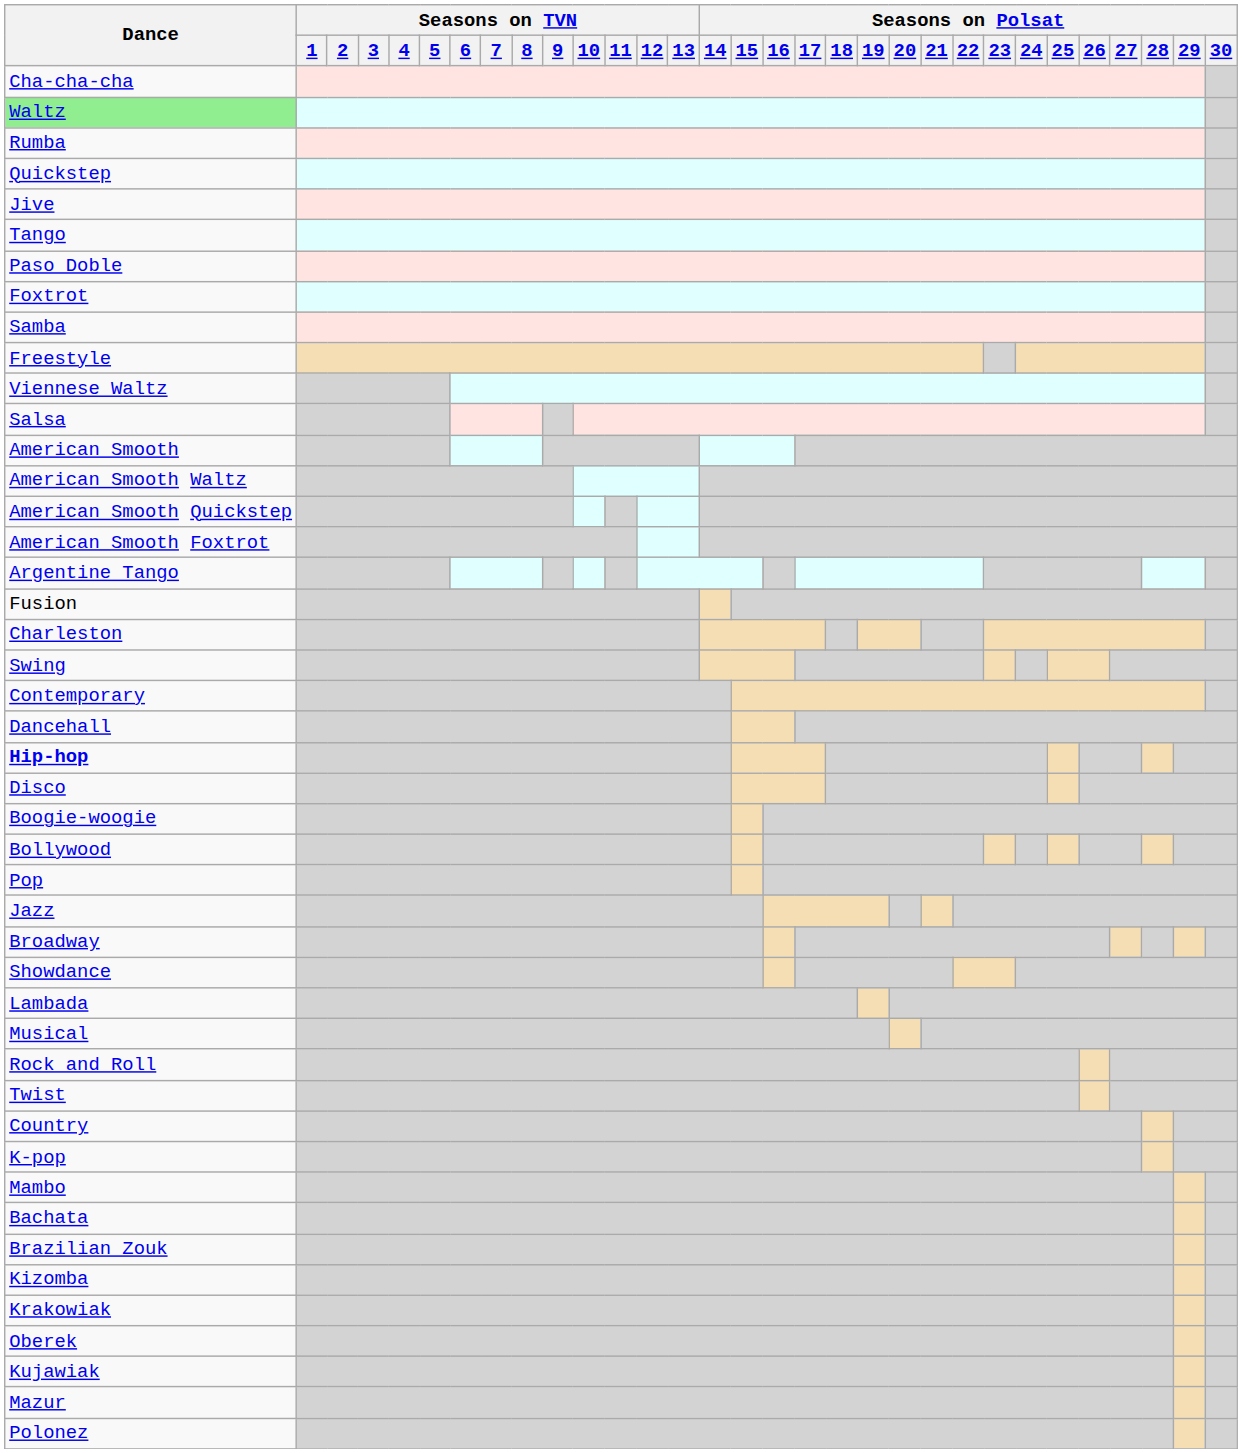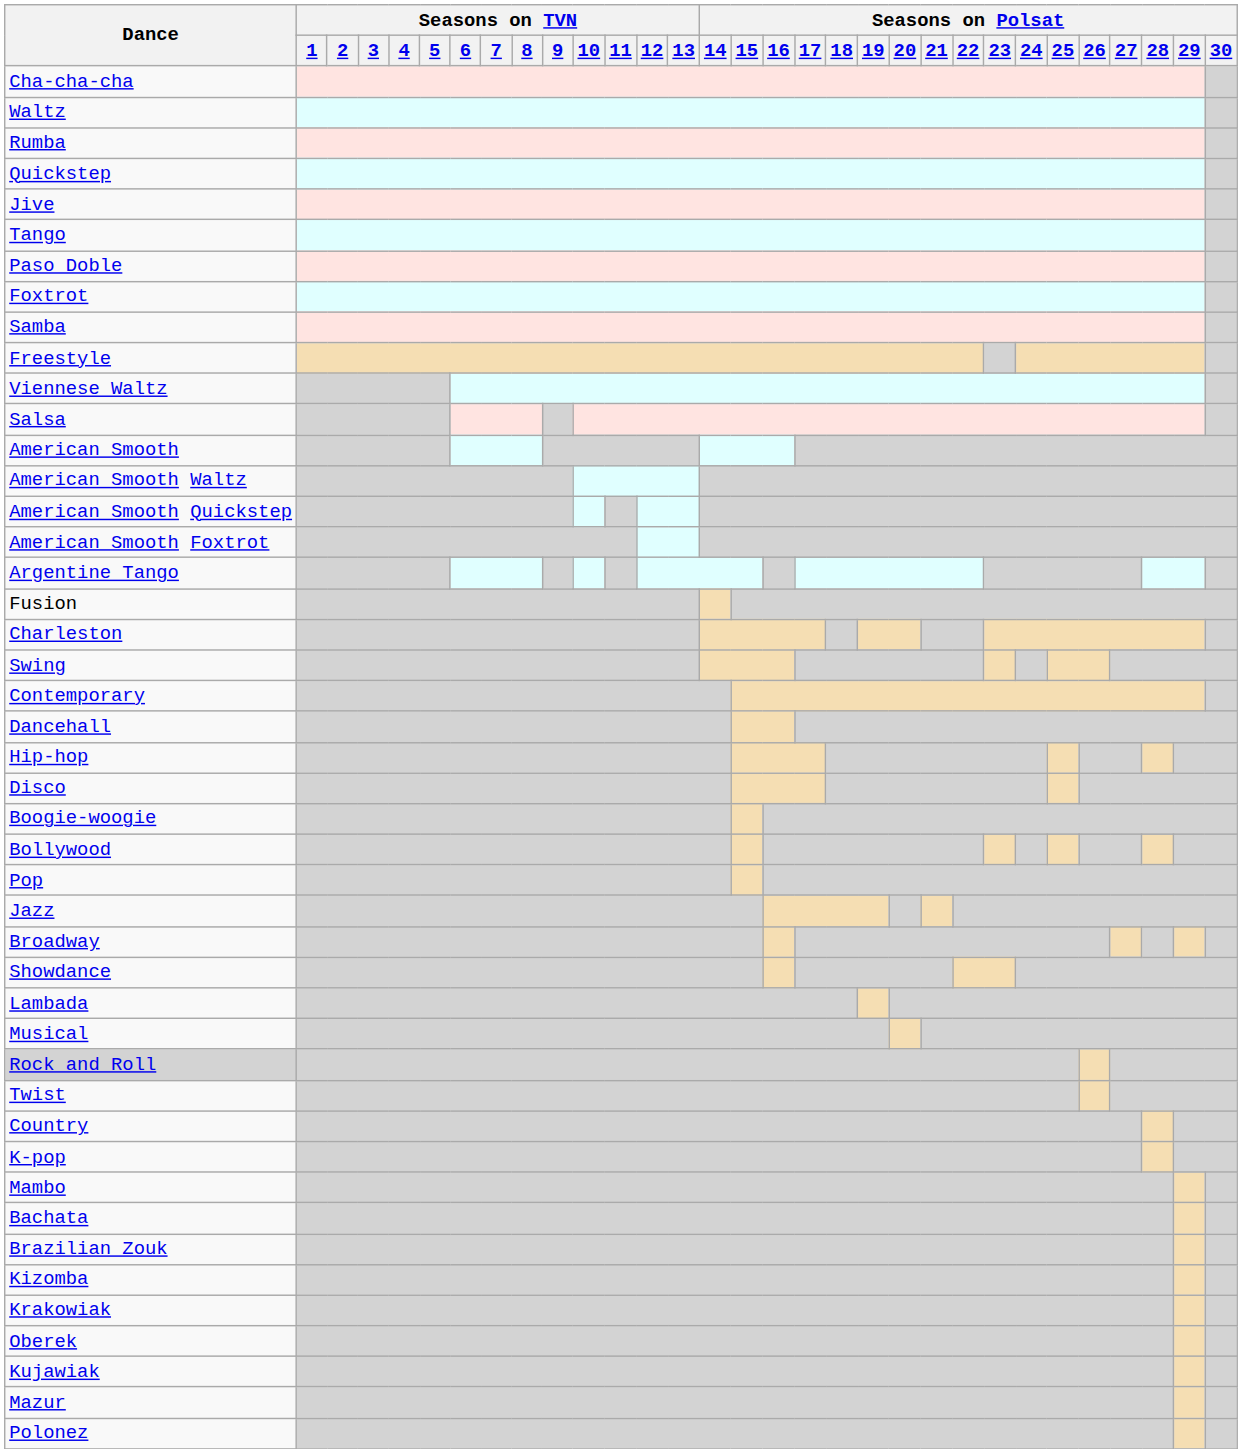 <table class="wikitable" style="margin:left; font-size:100%">
 <tr>
 <th rowspan="2">Dance</th>
 <th colspan="13">Seasons on <a href='#'>TVN</a></th>
 <th colspan="17">Seasons on <a href='#'>Polsat</a></th>
 </tr>
 <tr>
 <th width="15"><a href='#'>1</a></th>
 <th width="15"><a href='#'>2</a></th>
 <th width="15"><a href='#'>3</a></th>
 <th width="15"><a href='#'>4</a></th>
 <th width="15"><a href='#'>5</a></th>
 <th width="15"><a href='#'>6</a></th>
 <th width="15"><a href='#'>7</a></th>
 <th width="15"><a href='#'>8</a></th>
 <th width="15"><a href='#'>9</a></th>
 <th width="15"><a href='#'>10</a></th>
 <th width="15"><a href='#'>11</a></th>
 <th width="15"><a href='#'>12</a></th>
 <th width="15"><a href='#'>13</a></th>
 <th width="15"><a href='#'>14</a></th>
 <th width="15"><a href='#'>15</a></th>
 <th width="15"><a href='#'>16</a></th>
 <th width="15"><a href='#'>17</a></th>
 <th width="15"><a href='#'>18</a></th>
 <th width="15"><a href='#'>19</a></th>
 <th width="15"><a href='#'>20</a></th>
 <th width="15"><a href='#'>21</a></th>
 <th width="15"><a href='#'>22</a></th>
 <th width="15"><a href='#'>23</a></th>
 <th width="15"><a href='#'>24</a></th>
 <th width="15"><a href='#'>25</a></th>
 <th width="15"><a href='#'>26</a></th>
 <th width="15"><a href='#'>27</a></th>
 <th width="15"><a href='#'>28</a></th>
 <th width="15"><a href='#'>29</a></th>
 <th width="15"><a href='#'>30</a></th>
 </tr>
 <tr>
 <td><a href='#'>Cha-cha-cha</a></td>
 <td colspan="29" style="background:#FFE4E1;"></td>
 <td colspan="1" style="background:lightgrey;"></td>
 </tr>
 <tr>
-<td style="background: lightgreen;"><a href='#'>Waltz</a></td>
+<td><a href='#'>Waltz</a></td>
 <td colspan="29" style="background:#E0FFFF;"></td>
 <td colspan="1" style="background:lightgrey;"></td>
 </tr>
 <tr>
 <td><a href='#'>Rumba</a></td>
 <td colspan="29" style="background:#FFE4E1;"></td>
 <td colspan="1" style="background:lightgrey;"></td>
 </tr>
 <tr>
 <td><a href='#'>Quickstep</a></td>
 <td colspan="29" style="background:#E0FFFF;"></td>
 <td colspan="1" style="background:lightgrey;"></td>
 </tr>
 <tr>
 <td><a href='#'>Jive</a></td>
 <td colspan="29" style="background:#FFE4E1;"></td>
 <td colspan="1" style="background:lightgrey;"></td>
 </tr>
 <tr>
 <td><a href='#'>Tango</a></td>
 <td colspan="29" style="background:#E0FFFF;"></td>
 <td colspan="1" style="background:lightgrey;"></td>
 </tr>
 <tr>
 <td><a href='#'>Paso Doble</a></td>
 <td colspan="29" style="background:#FFE4E1;"></td>
 <td colspan="1" style="background:lightgrey;"></td>
 </tr>
 <tr>
 <td><a href='#'>Foxtrot</a></td>
 <td colspan="29" style="background:#E0FFFF;"></td>
 <td colspan="1" style="background:lightgrey;"></td>
 </tr>
 <tr>
 <td><a href='#'>Samba</a></td>
 <td colspan="29" style="background:#FFE4E1;"></td>
 <td colspan="1" style="background:lightgrey;"></td>
 </tr>
 <tr>
 <td><a href='#'>Freestyle</a></td>
 <td colspan="22" style="background:#F5DEB3;"></td>
 <td colspan="1" style="background:lightgrey;"></td>
 <td colspan="6" style="background:#F5DEB3;"></td>
 <td colspan="1" style="background:lightgrey;"></td>
 </tr>
 <tr>
 <td><a href='#'>Viennese Waltz</a></td>
 <td colspan="5" style="background:lightgrey;"></td>
 <td colspan="24" style="background:#E0FFFF;"></td>
 <td colspan="1" style="background:lightgrey;"></td>
 </tr>
 <tr>
 <td><a href='#'>Salsa</a></td>
 <td colspan="5" style="background:lightgrey;"></td>
 <td colspan="3" style="background:#FFE4E1;"></td>
 <td colspan="1" style="background:lightgrey;"></td>
 <td colspan="20" style="background:#FFE4E1;"></td>
 <td colspan="1" style="background:lightgrey;"></td>
 </tr>
 <tr>
 <td><a href='#'>American Smooth</a></td>
 <td colspan="5" style="background:lightgrey;"></td>
 <td colspan="3" style="background:#E0FFFF;"></td>
 <td colspan="5" style="background:lightgrey;"></td>
 <td colspan="3" style="background:#E0FFFF;"></td>
 <td colspan="14" style="background:lightgrey;"></td>
 </tr>
 <tr>
 <td><a href='#'>American Smooth</a> <a href='#'>Waltz</a></td>
 <td colspan="9" style="background:lightgrey;"></td>
 <td colspan="4" style="background:#E0FFFF;"></td>
 <td colspan="17" style="background:lightgrey;"></td>
 </tr>
 <tr>
 <td><a href='#'>American Smooth</a> <a href='#'>Quickstep</a></td>
 <td colspan="9" style="background:lightgrey;"></td>
 <td colspan="1" style="background:#E0FFFF;"></td>
 <td colspan="1" style="background:lightgrey;"></td>
 <td colspan="2" style="background:#E0FFFF;"></td>
 <td colspan="17" style="background:lightgrey;"></td>
 </tr>
 <tr>
 <td><a href='#'>American Smooth</a> <a href='#'>Foxtrot</a></td>
 <td colspan="11" style="background:lightgrey;"></td>
 <td colspan="2" style="background:#E0FFFF;"></td>
 <td colspan="17" style="background:lightgrey;"></td>
 </tr>
 <tr>
 <td><a href='#'>Argentine Tango</a></td>
 <td colspan="5" style="background:lightgrey;"></td>
 <td colspan="3" style="background:#E0FFFF;"></td>
 <td colspan="1" style="background:lightgrey;"></td>
 <td colspan="1" style="background:#E0FFFF;"></td>
 <td colspan="1" style="background:lightgrey;"></td>
 <td colspan="4" style="background:#E0FFFF;"></td>
 <td colspan="1" style="background:lightgrey;"></td>
 <td colspan="6" style="background:#E0FFFF;"></td>
 <td colspan="5" style="background:lightgrey;"></td>
 <td colspan="2" style="background:#E0FFFF;"></td>
 <td colspan="1" style="background:lightgrey;"></td>
 </tr>
 <tr>
 <td>Fusion</td>
 <td colspan="13" style="background:lightgrey;"></td>
 <td colspan="1" style="background:#F5DEB3;"></td>
 <td colspan="16" style="background:lightgrey;"></td>
 </tr>
 <tr>
 <td><a href='#'>Charleston</a></td>
 <td colspan="13" style="background:lightgrey;"></td>
 <td colspan="4" style="background:#F5DEB3;"></td>
 <td colspan="1" style="background:lightgrey;"></td>
 <td colspan="2" style="background:#F5DEB3;"></td>
 <td colspan="2" style="background:lightgrey;"></td>
 <td colspan="7" style="background:#F5DEB3;"></td>
 <td colspan="1" style="background:lightgrey;"></td>
 </tr>
 <tr>
 <td><a href='#'>Swing</a></td>
 <td colspan="13" style="background:lightgrey;"></td>
 <td colspan="3" style="background:#F5DEB3;"></td>
 <td colspan="6" style="background:lightgrey;"></td>
 <td colspan="1"style="background:#F5DEB3;"></td>
 <td colspan="1" style="background:lightgrey;"></td>
 <td colspan="2"style="background:#F5DEB3;"></td>
 <td colspan="4" style="background:lightgrey;"></td>
 </tr>
 <tr>
 <td><a href='#'>Contemporary</a></td>
 <td colspan="14" style="background:lightgrey;"></td>
 <td colspan="15" style="background:#F5DEB3;"></td>
 <td colspan="1" style="background:lightgrey;"></td>
 </tr>
 <tr>
 <td><a href='#'>Dancehall</a></td>
 <td colspan="14" style="background:lightgrey;"></td>
 <td colspan="2" style="background:#F5DEB3;"></td>
 <td colspan="14" style="background:lightgrey;"></td>
 </tr>
 <tr>
-<td><strong><a href='#'>Hip-hop</a></strong></td>
+<td><a href='#'>Hip-hop</a></td>
 <td colspan="14" style="background:lightgrey;"></td>
 <td colspan="3" style="background:#F5DEB3;"></td>
 <td colspan="7" style="background:lightgrey;"></td>
 <td colspan="1" style="background:#F5DEB3;"></td>
 <td colspan="2" style="background:lightgrey;"></td>
 <td colspan="1" style="background:#F5DEB3;"></td>
 <td colspan="2" style="background:lightgrey;"></td>
 </tr>
 <tr>
 <td><a href='#'>Disco</a></td>
 <td colspan="14" style="background:lightgrey;"></td>
 <td colspan="3" style="background:#F5DEB3;"></td>
 <td colspan="7" style="background:lightgrey;"></td>
 <td colspan="1" style="background:#F5DEB3;"></td>
 <td colspan="5" style="background:lightgrey;"></td>
 </tr>
 <tr>
 <td><a href='#'>Boogie-woogie</a></td>
 <td colspan="14" style="background:lightgrey;"></td>
 <td colspan="1" style="background:#F5DEB3;"></td>
 <td colspan="15" style="background:lightgrey;"></td>
 </tr>
 <tr>
 <td><a href='#'>Bollywood</a></td>
 <td colspan="14" style="background:lightgrey;"></td>
 <td colspan="1" style="background:#F5DEB3;"></td>
 <td colspan="7" style="background:lightgrey;"></td>
 <td colspan="1" style="background:#F5DEB3;"></td>
 <td colspan="1" style="background:lightgrey;"></td>
 <td colspan="1" style="background:#F5DEB3;"></td>
 <td colspan="2" style="background:lightgrey;"></td>
 <td colspan="1" style="background:#F5DEB3;"></td>
 <td colspan="2" style="background:lightgrey;"></td>
 </tr>
 <tr>
 <td><a href='#'>Pop</a></td>
 <td colspan="14" style="background:lightgrey;"></td>
 <td colspan="1" style="background:#F5DEB3;"></td>
 <td colspan="15" style="background:lightgrey;"></td>
 </tr>
 <tr>
 <td><a href='#'>Jazz</a></td>
 <td colspan="15" style="background:lightgrey;"></td>
 <td colspan="4" style="background:#F5DEB3;"></td>
 <td colspan="1" style="background:lightgrey;"></td>
 <td colspan="1" style="background:#F5DEB3;"></td>
 <td colspan="9" style="background:lightgrey;"></td>
 </tr>
 <tr>
 <td><a href='#'>Broadway</a></td>
 <td colspan="15" style="background:lightgrey;"></td>
 <td colspan="1" style="background:#F5DEB3;"></td>
 <td colspan="10" style="background:lightgrey;"></td>
 <td colspan="1" style="background:#F5DEB3;"></td>
 <td colspan="1" style="background:lightgrey;"></td>
 <td colspan="1" style="background:#F5DEB3;"></td>
 <td colspan="1" style="background:lightgrey;"></td>
 </tr>
 <tr>
 <td><a href='#'>Showdance</a></td>
 <td colspan="15" style="background:lightgrey;"></td>
 <td colspan="1" style="background:#F5DEB3;"></td>
 <td colspan="5" style="background:lightgrey;"></td>
 <td colspan="2" style="background:#F5DEB3;"></td>
 <td colspan="7" style="background:lightgrey;"></td>
 </tr>
 <tr>
 <td><a href='#'>Lambada</a></td>
 <td colspan="18" style="background:lightgrey;"></td>
 <td colspan="1" style="background:#F5DEB3;"></td>
 <td colspan="11" style="background:lightgrey;"></td>
 </tr>
 <tr>
 <td><a href='#'>Musical</a></td>
 <td colspan="19" style="background:lightgrey;"></td>
 <td colspan="1" style="background:#F5DEB3;"></td>
 <td colspan="10" style="background:lightgrey;"></td>
 </tr>
 <tr>
-<td><a href='#'>Rock and Roll</a></td>
+<td style="background: lightgrey;"><a href='#'>Rock and Roll</a></td>
 <td colspan="25" style="background:lightgrey;"></td>
 <td colspan="1" style="background:#F5DEB3;"></td>
 <td colspan="4" style="background:lightgrey;"></td>
 </tr>
 <tr>
 <td><a href='#'>Twist</a></td>
 <td colspan="25" style="background:lightgrey;"></td>
 <td colspan="1" style="background:#F5DEB3;"></td>
 <td colspan="4" style="background:lightgrey;"></td>
 </tr>
 <tr>
 <td><a href='#'>Country</a></td>
 <td colspan="27" style="background:lightgrey;"></td>
 <td colspan="1" style="background:#F5DEB3;"></td>
 <td colspan="2" style="background:lightgrey;"></td>
 </tr>
 <tr>
 <td><a href='#'>K-pop</a></td>
 <td colspan="27" style="background:lightgrey;"></td>
 <td colspan="1" style="background:#F5DEB3;"></td>
 <td colspan="2" style="background:lightgrey;"></td>
 </tr>
 <tr>
 <td><a href='#'>Mambo</a></td>
 <td colspan="28" style="background:lightgrey;"></td>
 <td colspan="1" style="background:#F5DEB3;"></td>
 <td colspan="1" style="background:lightgrey;"></td>
 </tr>
 <tr>
 <td><a href='#'>Bachata</a></td>
 <td colspan="28" style="background:lightgrey;"></td>
 <td colspan="1" style="background:#F5DEB3;"></td>
 <td colspan="1" style="background:lightgrey;"></td>
 </tr>
 <tr>
 <td><a href='#'>Brazilian Zouk</a></td>
 <td colspan="28" style="background:lightgrey;"></td>
 <td colspan="1" style="background:#F5DEB3;"></td>
 <td colspan="1" style="background:lightgrey;"></td>
 </tr>
 <tr>
 <td><a href='#'>Kizomba</a></td>
 <td colspan="28" style="background:lightgrey;"></td>
 <td colspan="1" style="background:#F5DEB3;"></td>
 <td colspan="1" style="background:lightgrey;"></td>
 </tr>
 <tr>
 <td><a href='#'>Krakowiak</a></td>
 <td colspan="28" style="background:lightgrey;"></td>
 <td colspan="1" style="background:#F5DEB3;"></td>
 <td colspan="1" style="background:lightgrey;"></td>
 </tr>
 <tr>
 <td><a href='#'>Oberek</a></td>
 <td colspan="28" style="background:lightgrey;"></td>
 <td colspan="1" style="background:#F5DEB3;"></td>
 <td colspan="1" style="background:lightgrey;"></td>
 </tr>
 <tr>
 <td><a href='#'>Kujawiak</a></td>
 <td colspan="28" style="background:lightgrey;"></td>
 <td colspan="1" style="background:#F5DEB3;"></td>
 <td colspan="1" style="background:lightgrey;"></td>
 </tr>
 <tr>
 <td><a href='#'>Mazur</a></td>
 <td colspan="28" style="background:lightgrey;"></td>
 <td colspan="1" style="background:#F5DEB3;"></td>
 <td colspan="1" style="background:lightgrey;"></td>
 </tr>
 <tr>
 <td><a href='#'>Polonez</a></td>
 <td colspan="28" style="background:lightgrey;"></td>
 <td colspan="1" style="background:#F5DEB3;"></td>
 <td colspan="1" style="background:lightgrey;"></td>
 </tr>
 </table>
